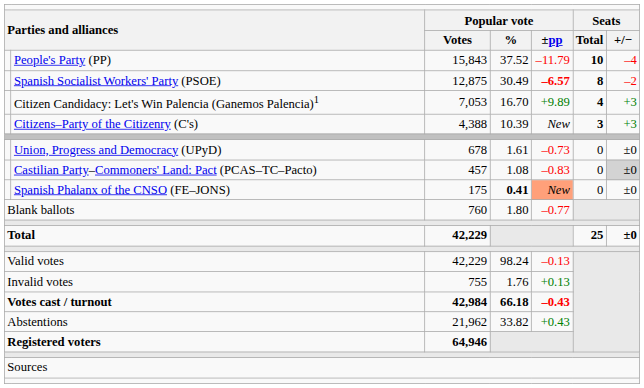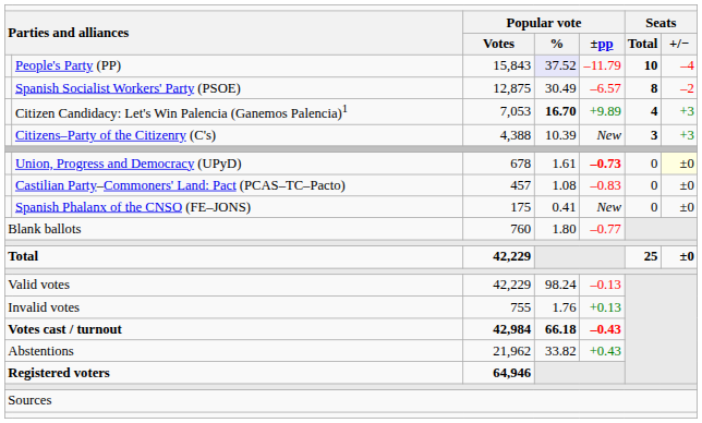 <table class="wikitable" style="text-align:right;">
 <tr>
 <td colspan="7"></td>
 </tr>
 <tr>
 <th style="text-align:left;" rowspan="2" colspan="2" width="525">Parties and alliances</th>
 <th colspan="3">Popular vote</th>
 <th colspan="2">Seats</th>
 </tr>
 <tr>
 <th width="75">Votes</th>
 <th width="45">%</th>
 <th width="45">±<a href='#'>pp</a></th>
 <th width="35">Total</th>
 <th width="35">+/−</th>
 </tr>
 <tr>
 <td width="1" style="color:inherit;background:"></td>
 <td align="left"><a href='#'>People's Party</a> (PP)</td>
 <td>15,843</td>
-<td>37.52</td>
+<td style="background: lavender;">37.52</td>
 <td style="color:red;">–11.79</td>
 <td><strong>10</strong></td>
 <td style="color:red;">–4</td>
 </tr>
 <tr>
 <td style="color:inherit;background:"></td>
 <td align="left"><a href='#'>Spanish Socialist Workers' Party</a> (PSOE)</td>
 <td>12,875</td>
 <td>30.49</td>
-<td style="color:red;"><strong>–6.57</strong></td>
+<td style="color:red;">–6.57</td>
 <td><strong>8</strong></td>
 <td style="color:red;">–2</td>
 </tr>
 <tr>
 <td style="color:inherit;background:"></td>
 <td align="left">Citizen Candidacy: Let's Win Palencia (Ganemos Palencia)<sup>1</sup></td>
 <td>7,053</td>
-<td>16.70</td>
+<td><strong>16.70</strong></td>
 <td style="color:green;">+9.89</td>
 <td><strong>4</strong></td>
 <td style="color:green;">+3</td>
 </tr>
 <tr>
 <td style="color:inherit;background:"></td>
 <td align="left"><a href='#'>Citizens–Party of the Citizenry</a> (C's)</td>
 <td>4,388</td>
 <td>10.39</td>
 <td><em>New</em></td>
 <td><strong>3</strong></td>
 <td style="color:green;">+3</td>
 </tr>
 <tr>
 <td colspan="7" bgcolor="#C0C0C0"></td>
 </tr>
 <tr>
 <td style="color:inherit;background:"></td>
 <td align="left"><a href='#'>Union, Progress and Democracy</a> (UPyD)</td>
 <td>678</td>
 <td>1.61</td>
-<td style="color:red;">–0.73</td>
+<td style="color:red;"><strong>–0.73</strong></td>
 <td>0</td>
-<td>±0</td>
+<td style="background: lightyellow;">±0</td>
 </tr>
 <tr>
 <td style="color:inherit;background:"></td>
 <td align="left"><a href='#'>Castilian Party</a>–<a href='#'>Commoners' Land: Pact</a> (PCAS–TC–Pacto)</td>
 <td>457</td>
 <td>1.08</td>
 <td style="color:red;">–0.83</td>
 <td>0</td>
-<td style="background: lightgrey;">±0</td>
+<td>±0</td>
 </tr>
 <tr>
 <td style="color:inherit;background:"></td>
 <td align="left"><a href='#'>Spanish Phalanx of the CNSO</a> (FE–JONS)</td>
 <td>175</td>
-<td><strong>0.41</strong></td>
-<td style="background: lightsalmon;"><em>New</em></td>
+<td>0.41</td>
+<td><em>New</em></td>
 <td>0</td>
 <td>±0</td>
 </tr>
 <tr>
 <td align="left" colspan="2">Blank ballots</td>
 <td>760</td>
 <td>1.80</td>
 <td style="color:red;">–0.77</td>
 <td bgcolor="#E9E9E9" colspan="2"></td>
 </tr>
 <tr>
 <td colspan="7" bgcolor="#E9E9E9"></td>
 </tr>
 <tr style="font-weight:bold;">
 <td align="left" colspan="2">Total</td>
 <td>42,229</td>
 <td bgcolor="#E9E9E9" colspan="2"></td>
 <td>25</td>
 <td>±0</td>
 </tr>
 <tr>
 <td colspan="7" bgcolor="#E9E9E9"></td>
 </tr>
 <tr>
 <td align="left" colspan="2">Valid votes</td>
 <td>42,229</td>
 <td>98.24</td>
 <td style="color:red;">–0.13</td>
 <td bgcolor="#E9E9E9" colspan="2" rowspan="5"></td>
 </tr>
 <tr>
 <td align="left" colspan="2">Invalid votes</td>
 <td>755</td>
 <td>1.76</td>
 <td style="color:green;">+0.13</td>
 </tr>
 <tr style="font-weight:bold;">
 <td align="left" colspan="2">Votes cast / turnout</td>
 <td>42,984</td>
 <td>66.18</td>
 <td style="color:red;">–0.43</td>
 </tr>
 <tr>
 <td align="left" colspan="2">Abstentions</td>
 <td>21,962</td>
 <td>33.82</td>
 <td style="color:green;">+0.43</td>
 </tr>
 <tr style="font-weight:bold;">
 <td align="left" colspan="2">Registered voters</td>
 <td>64,946</td>
 <td bgcolor="#E9E9E9" colspan="2"></td>
 </tr>
 <tr>
 <td colspan="7" bgcolor="#E9E9E9"></td>
 </tr>
 <tr>
 <td align="left" colspan="7">Sources</td>
 </tr>
 <tr>
 <td colspan="7" style="text-align:left; max-width:790px;"></td>
 </tr>
 </table>
